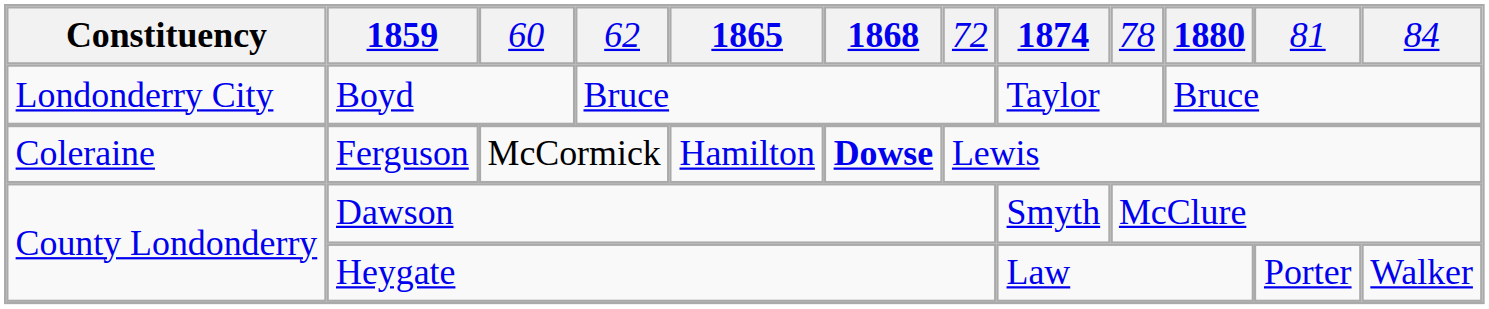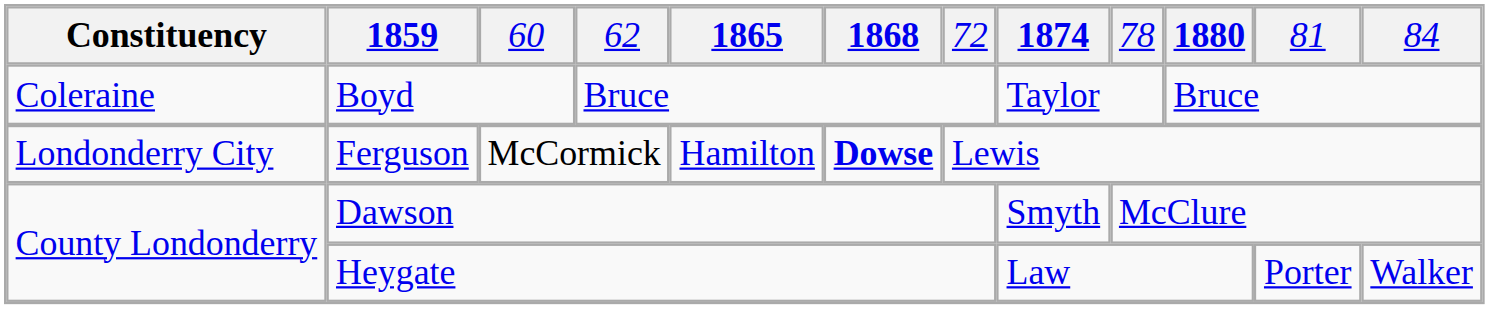 <table class="wikitable" style="border-collapse: separate; border-spacing: 0;">
 <tr>
 <th>Constituency</th>
 <th><a href='#'>1859</a></th>
 <th style="font-weight: normal;"><em><a href='#'>60</a></em></th>
 <th style="font-weight: normal;"><em><a href='#'>62</a></em></th>
 <th><a href='#'>1865</a></th>
 <th><a href='#'>1868</a></th>
 <th style="font-weight: normal;"><em><a href='#'>72</a></em></th>
 <th><a href='#'>1874</a></th>
 <th style="font-weight: normal;"><em><a href='#'>78</a></em></th>
 <th><a href='#'>1880</a></th>
 <th style="font-weight: normal;"><em><a href='#'>81</a></em></th>
 <th style="font-weight: normal;"><em><a href='#'>84</a></em></th>
 </tr>
 <tr>
-<td><a href='#'>Londonderry City</a></td>
+<td><a href='#'>Coleraine</a></td>
 <td colspan="2"><a href='#'>Boyd</a></td>
 <td colspan="4"><a href='#'>Bruce</a></td>
 <td colspan="2"><a href='#'>Taylor</a></td>
 <td colspan="4"><a href='#'>Bruce</a></td>
 </tr>
 <tr>
-<td><a href='#'>Coleraine</a></td>
+<td><a href='#'>Londonderry City</a></td>
 <td><a href='#'>Ferguson</a></td>
 <td colspan="2">McCormick</td>
 <td><a href='#'>Hamilton</a></td>
 <td><strong><a href='#'>Dowse</a></strong></td>
 <td colspan="6"><a href='#'>Lewis</a></td>
 </tr>
 <tr>
 <td rowspan="2"><a href='#'>County Londonderry</a></td>
 <td colspan="6"><a href='#'>Dawson</a></td>
 <td><a href='#'>Smyth</a></td>
 <td colspan="4"><a href='#'>McClure</a></td>
 </tr>
 <tr>
 <td colspan="6"><a href='#'>Heygate</a></td>
 <td colspan="3"><a href='#'>Law</a></td>
 <td><a href='#'>Porter</a></td>
 <td><a href='#'>Walker</a></td>
 </tr>
 </table>
